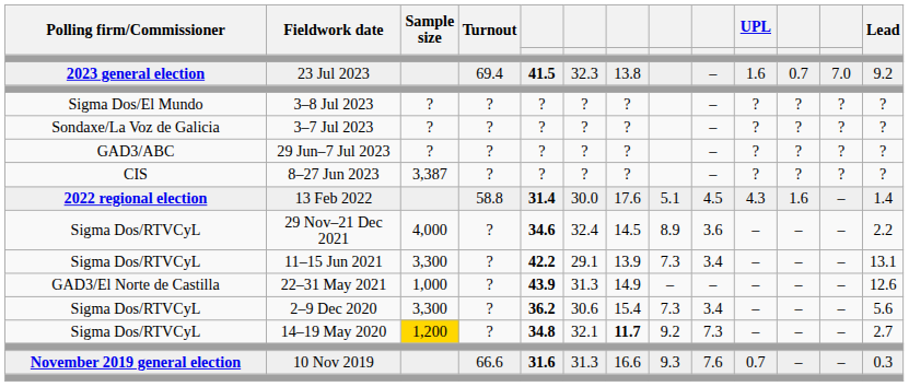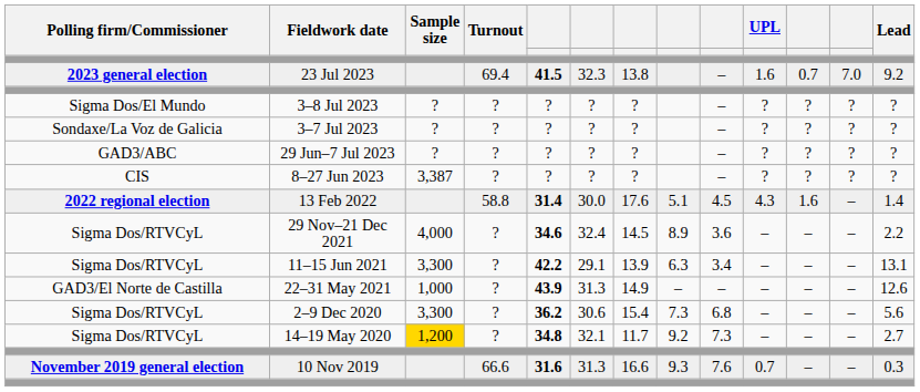 <table class="wikitable collapsible collapsed" style="text-align:center; font-size:95%; line-height:16px;">
 <tr style="height:42px;">
 <th style="width:250px;" rowspan="2">Polling firm/Commissioner</th>
 <th style="width:125px;" rowspan="2">Fieldwork date</th>
 <th style="width:50px;" rowspan="2">Sample size</th>
 <th style="width:45px;" rowspan="2">Turnout</th>
 <th style="width:35px;"></th>
 <th style="width:35px;"></th>
 <th style="width:35px;"></th>
 <th style="width:35px;"></th>
 <th style="width:35px;"></th>
 <th style="width:35px;"><a href='#'>UPL</a></th>
 <th style="width:35px;"></th>
 <th style="width:35px;"></th>
 <th style="width:30px;" rowspan="2">Lead</th>
 </tr>
 <tr>
 <th style="color:inherit;background:"></th>
 <th style="color:inherit;background:"></th>
 <th style="color:inherit;background:"></th>
 <th style="color:inherit;background:"></th>
 <th style="color:inherit;background:"></th>
 <th style="color:inherit;background:"></th>
 <th style="color:inherit;background:"></th>
 <th style="color:inherit;background:"></th>
 </tr>
 <tr>
 <td colspan="15" style="background:#A0A0A0"></td>
 </tr>
 <tr style="background:#EFEFEF;">
 <td><strong><a href='#'>2023 general election</a></strong></td>
 <td>23 Jul 2023</td>
 <td></td>
 <td>69.4</td>
 <td><strong>41.5</strong><br></td>
 <td>32.3<br></td>
 <td>13.8<br></td>
 <td></td>
 <td>–</td>
 <td>1.6<br></td>
 <td>0.7<br></td>
 <td>7.0<br></td>
 <td style="background:">9.2</td>
 </tr>
 <tr>
 <td colspan="15" style="background:#A0A0A0"></td>
 </tr>
 <tr>
 <td>Sigma Dos/El Mundo</td>
 <td>3–8 Jul 2023</td>
 <td>?</td>
 <td>?</td>
 <td>?<br></td>
 <td>?<br></td>
 <td>?<br></td>
 <td></td>
 <td>–</td>
 <td>?<br></td>
 <td>?<br></td>
 <td>?<br></td>
 <td style="background:">?</td>
 </tr>
 <tr>
 <td>Sondaxe/La Voz de Galicia</td>
 <td>3–7 Jul 2023</td>
 <td>?</td>
 <td>?</td>
 <td>?<br></td>
 <td>?<br></td>
 <td>?<br></td>
 <td></td>
 <td>–</td>
 <td>?<br></td>
 <td>?<br></td>
 <td>?<br></td>
 <td style="background:">?</td>
 </tr>
 <tr>
 <td>GAD3/ABC</td>
 <td>29 Jun–7 Jul 2023</td>
 <td>?</td>
 <td>?</td>
 <td>?<br></td>
 <td>?<br></td>
 <td>?<br></td>
 <td></td>
 <td>–</td>
 <td>?<br></td>
 <td>?<br></td>
 <td>?<br></td>
 <td style="background:">?</td>
 </tr>
 <tr>
 <td>CIS</td>
 <td>8–27 Jun 2023</td>
 <td>3,387</td>
 <td>?</td>
 <td>?<br></td>
 <td>?<br></td>
 <td>?<br></td>
 <td></td>
 <td>–</td>
 <td>?<br></td>
 <td>?<br></td>
 <td>?<br></td>
 <td style="background:">?</td>
 </tr>
 <tr style="background:#EFEFEF;">
 <td><strong><a href='#'>2022 regional election</a></strong></td>
 <td>13 Feb 2022</td>
 <td></td>
 <td>58.8</td>
 <td><strong>31.4</strong><br></td>
 <td>30.0<br></td>
 <td>17.6<br></td>
 <td>5.1<br></td>
 <td>4.5<br></td>
 <td>4.3<br></td>
 <td>1.6<br></td>
 <td>–</td>
 <td style="background:">1.4</td>
 </tr>
 <tr>
 <td>Sigma Dos/RTVCyL</td>
 <td>29 Nov–21 Dec 2021</td>
 <td>4,000</td>
 <td>?</td>
 <td><strong>34.6</strong></td>
 <td>32.4</td>
 <td>14.5</td>
 <td>8.9</td>
 <td>3.6</td>
 <td>–</td>
 <td>–</td>
 <td>–</td>
 <td style="background:">2.2</td>
 </tr>
 <tr>
 <td>Sigma Dos/RTVCyL</td>
 <td>11–15 Jun 2021</td>
 <td>3,300</td>
 <td>?</td>
 <td><strong>42.2</strong></td>
 <td>29.1</td>
 <td>13.9</td>
-<td>7.3</td>
+<td>6.3</td>
 <td>3.4</td>
 <td>–</td>
 <td>–</td>
 <td>–</td>
 <td style="background:">13.1</td>
 </tr>
 <tr>
 <td>GAD3/El Norte de Castilla</td>
 <td>22–31 May 2021</td>
 <td>1,000</td>
 <td>?</td>
 <td><strong>43.9</strong><br></td>
 <td>31.3<br></td>
 <td>14.9<br></td>
 <td>–</td>
 <td>–</td>
 <td>–</td>
 <td>–</td>
 <td>–</td>
 <td style="background:">12.6</td>
 </tr>
 <tr>
 <td>Sigma Dos/RTVCyL</td>
 <td>2–9 Dec 2020</td>
 <td>3,300</td>
 <td>?</td>
 <td><strong>36.2</strong></td>
 <td>30.6</td>
 <td>15.4</td>
 <td>7.3</td>
-<td>3.4</td>
+<td>6.8</td>
 <td>–</td>
 <td>–</td>
 <td>–</td>
 <td style="background:">5.6</td>
 </tr>
 <tr>
 <td>Sigma Dos/RTVCyL</td>
 <td>14–19 May 2020</td>
 <td style="background: gold;">1,200</td>
 <td>?</td>
 <td><strong>34.8</strong></td>
 <td>32.1</td>
-<td><strong>11.7</strong></td>
+<td>11.7</td>
 <td>9.2</td>
 <td>7.3</td>
 <td>–</td>
 <td>–</td>
 <td>–</td>
 <td style="background:">2.7</td>
 </tr>
 <tr>
 <td colspan="13" style="background:#A0A0A0"></td>
 </tr>
 <tr style="background:#EFEFEF;">
 <td><strong><a href='#'>November 2019 general election</a></strong></td>
 <td>10 Nov 2019</td>
 <td></td>
 <td>66.6</td>
 <td><strong>31.6</strong><br></td>
 <td>31.3<br></td>
 <td>16.6<br></td>
 <td>9.3<br></td>
 <td>7.6<br></td>
 <td>0.7<br></td>
 <td>–</td>
 <td>–</td>
 <td style="background:">0.3</td>
 </tr>
 <tr>
 <td colspan="13" style="background:#A0A0A0"></td>
 </tr>
 </table>
